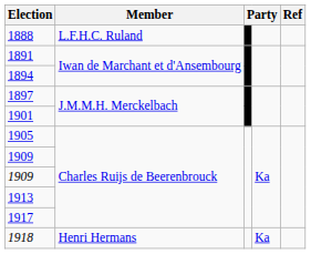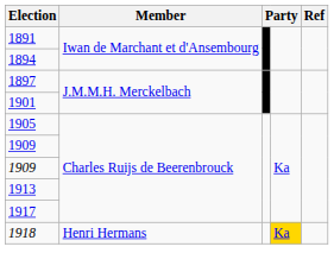 <table class="wikitable">
 <tr>
 <th scope="col">Election</th>
 <th scope="col">Member</th>
 <th scope="col" colspan="2">Party</th>
 <th scope="col">Ref</th>
-</tr>
-<tr>
-<td scope="row"><a href='#'>1888</a></td>
-<td scope="row"><a href='#'>L.F.H.C. Ruland</a></td>
-<td scope="row" style="background-color:black"></td>
-<td scope="row"></td>
-<td scope="row"></td>
 </tr>
 <tr>
 <td scope="row"><a href='#'>1891</a></td>
 <td scope="row" rowspan=2><a href='#'>Iwan de Marchant et d'Ansembourg</a></td>
 <td scope="row" rowspan=2 style="background-color:black"></td>
 <td scope="row" rowspan=2></td>
 <td scope="row" rowspan=2></td>
 </tr>
 <tr>
 <td scope="row"><a href='#'>1894</a></td>
 </tr>
 <tr>
 <td scope="row"><a href='#'>1897</a></td>
 <td scope="row" rowspan=2><a href='#'>J.M.M.H. Merckelbach</a></td>
 <td scope="row" rowspan=2 style="background-color:black"></td>
 <td scope="row" rowspan=2></td>
 <td scope="row" rowspan=2></td>
 </tr>
 <tr>
 <td scope="row"><a href='#'>1901</a></td>
 </tr>
 <tr>
 <td scope="row"><a href='#'>1905</a></td>
 <td scope="row" rowspan=5><a href='#'>Charles Ruijs de Beerenbrouck</a></td>
 <td scope="row" rowspan=5 style="background-color:"></td>
 <td scope="row" rowspan=5><a href='#'>Ka</a></td>
 <td scope="row" rowspan=5></td>
 </tr>
 <tr>
 <td scope="row"><a href='#'>1909</a></td>
 </tr>
 <tr>
 <td scope="row"><em>1909</em></td>
 </tr>
 <tr>
 <td scope="row"><a href='#'>1913</a></td>
 </tr>
 <tr>
 <td scope="row"><a href='#'>1917</a></td>
 </tr>
 <tr>
 <td scope="row"><em>1918</em></td>
 <td scope="row"><a href='#'>Henri Hermans</a></td>
 <td scope="row" style="background-color:"></td>
-<td scope="row"><a href='#'>Ka</a></td>
+<td scope="row" style="background: gold;"><a href='#'>Ka</a></td>
 <td scope="row"></td>
 </tr>
 </table>
